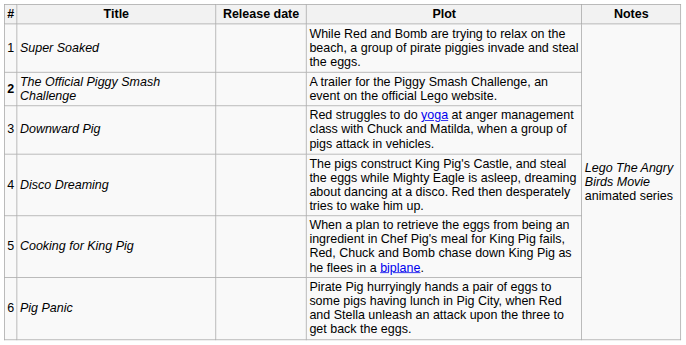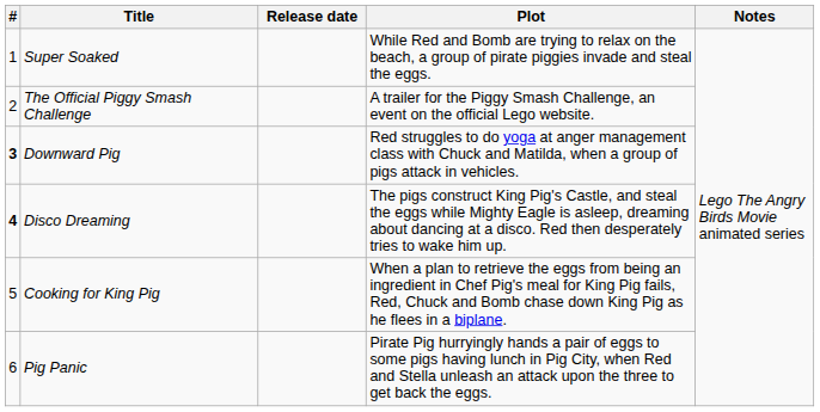 <table class="wikitable sortable">
 <tr>
 <th width=5>#</th>
 <th width=250>Title</th>
 <th width=110>Release date</th>
 <th width =350>Plot</th>
 <th width=120>Notes</th>
 </tr>
 <tr>
 <td align="center">1</td>
 <td><em>Super Soaked</em></td>
 <td align="right"></td>
 <td>While Red and Bomb are trying to relax on the beach, a group of pirate piggies invade and steal the eggs.</td>
 <td rowspan="6"><em>Lego The Angry Birds Movie</em> animated series</td>
 </tr>
 <tr>
-<td align="center"><strong>2</strong></td>
+<td align="center">2</td>
 <td><em>The Official Piggy Smash Challenge</em></td>
 <td align="right"></td>
 <td>A trailer for the Piggy Smash Challenge, an event on the official Lego website.</td>
 </tr>
 <tr>
-<td align="center">3</td>
+<td align="center"><strong>3</strong></td>
 <td><em>Downward Pig</em></td>
 <td align="right"></td>
 <td>Red struggles to do <a href='#'>yoga</a> at anger management class with Chuck and Matilda, when a group of pigs attack in vehicles.</td>
 </tr>
 <tr>
-<td align="center">4</td>
+<td align="center"><strong>4</strong></td>
 <td><em>Disco Dreaming</em></td>
 <td align="right"></td>
 <td>The pigs construct King Pig's Castle, and steal the eggs while Mighty Eagle is asleep, dreaming about dancing at a disco. Red then desperately tries to wake him up.</td>
 </tr>
 <tr>
 <td align="center">5</td>
 <td><em>Cooking for King Pig</em></td>
 <td align="right"></td>
 <td>When a plan to retrieve the eggs from being an ingredient in Chef Pig's meal for King Pig fails, Red, Chuck and Bomb chase down King Pig as he flees in a <a href='#'>biplane</a>.</td>
 </tr>
 <tr>
 <td align="center">6</td>
 <td><em>Pig Panic</em></td>
 <td align="right"></td>
 <td>Pirate Pig hurryingly hands a pair of eggs to some pigs having lunch in Pig City, when Red and Stella unleash an attack upon the three to get back the eggs.</td>
 </tr>
 </table>
